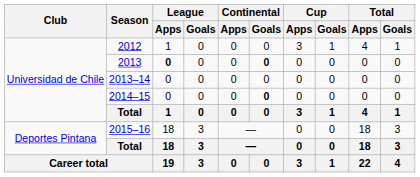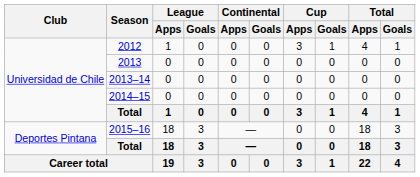 <table class="wikitable" style="text-align: center;">
 <tr>
 <th rowspan="2">Club</th>
 <th rowspan="2">Season</th>
 <th colspan="2">League</th>
 <th colspan="2">Continental</th>
 <th colspan="2">Cup</th>
 <th colspan="2">Total</th>
 </tr>
 <tr>
 <th>Apps</th>
 <th>Goals</th>
 <th>Apps</th>
 <th>Goals</th>
 <th>Apps</th>
 <th>Goals</th>
 <th>Apps</th>
 <th>Goals</th>
 </tr>
 <tr>
 <td rowspan="5"><a href='#'>Universidad de Chile</a></td>
 <td><a href='#'>2012</a></td>
 <td>1</td>
 <td>0</td>
 <td>0</td>
 <td>0</td>
 <td>3</td>
 <td>1</td>
 <td>4</td>
 <td>1</td>
 </tr>
 <tr>
 <td><a href='#'>2013</a></td>
-<td><strong>0</strong></td>
 <td>0</td>
 <td>0</td>
-<td><strong>0</strong></td>
+<td>0</td>
+<td>0</td>
 <td>0</td>
 <td>0</td>
 <td>0</td>
 <td>0</td>
 </tr>
 <tr>
 <td><a href='#'>2013–14</a></td>
 <td>0</td>
 <td>0</td>
 <td>0</td>
 <td>0</td>
 <td>0</td>
 <td>0</td>
 <td>0</td>
 <td>0</td>
 </tr>
 <tr>
 <td><a href='#'>2014–15</a></td>
 <td>0</td>
 <td>0</td>
 <td>0</td>
-<td><strong>0</strong></td>
+<td>0</td>
 <td>0</td>
 <td>0</td>
 <td>0</td>
 <td>0</td>
 </tr>
 <tr>
 <th>Total</th>
 <th>1</th>
 <th>0</th>
 <th>0</th>
 <th>0</th>
 <th>3</th>
 <th>1</th>
 <th>4</th>
 <th>1</th>
 </tr>
 <tr>
 <td rowspan="2"><a href='#'>Deportes Pintana</a></td>
 <td><a href='#'>2015–16</a></td>
 <td>18</td>
 <td>3</td>
 <td colspan="2">—</td>
 <td>0</td>
 <td>0</td>
 <td>18</td>
 <td>3</td>
 </tr>
 <tr>
 <th>Total</th>
 <th>18</th>
 <th>3</th>
 <th colspan="2">—</th>
 <th>0</th>
 <th>0</th>
 <th>18</th>
 <th>3</th>
 </tr>
 <tr>
 <th colspan="2">Career total</th>
 <th>19</th>
 <th>3</th>
 <th>0</th>
 <th>0</th>
 <th>3</th>
 <th>1</th>
 <th>22</th>
 <th>4</th>
 </tr>
 </table>
